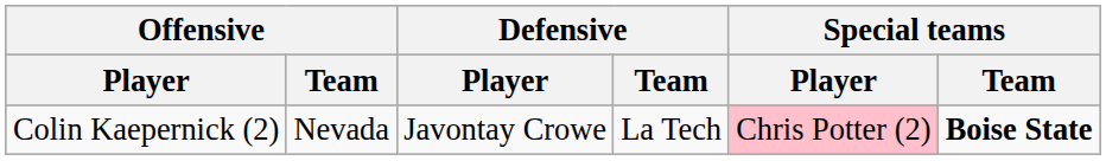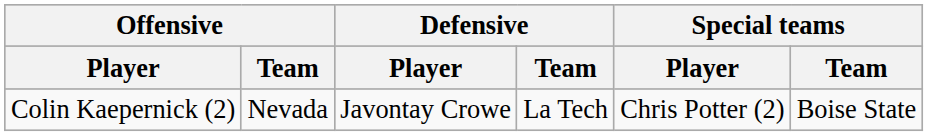 <table class="wikitable">
 <tr>
 <th colspan="2">Offensive</th>
 <th colspan="2">Defensive</th>
 <th colspan="2">Special teams</th>
 </tr>
 <tr>
 <th>Player</th>
 <th>Team</th>
 <th>Player</th>
 <th>Team</th>
 <th>Player</th>
 <th>Team</th>
 </tr>
 <tr>
 <td>Colin Kaepernick (2)</td>
 <td>Nevada</td>
 <td>Javontay Crowe</td>
 <td>La Tech</td>
-<td style="background: pink;">Chris Potter (2)</td>
-<td><strong>Boise State</strong></td>
+<td>Chris Potter (2)</td>
+<td>Boise State</td>
 </tr>
 </table>
